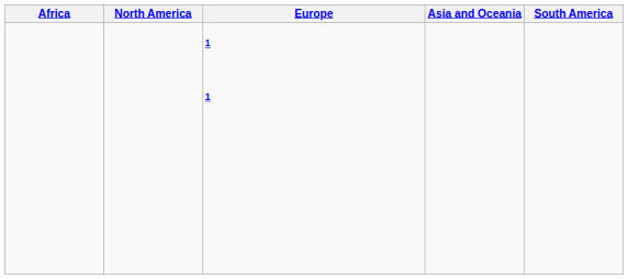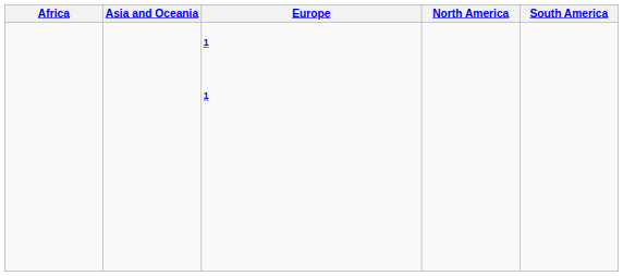 <table class="wikitable">
 <tr>
 <th width=16%><a href='#'>Africa</a></th>
+<th width=16%><a href='#'>Asia and Oceania</a></th>
+<th width=36%><a href='#'>Europe</a></th>
 <th width=16%><a href='#'>North America</a></th>
-<th width=36%><a href='#'>Europe</a></th>
-<th width=16%><a href='#'>Asia and Oceania</a></th>
 <th width=16%><a href='#'>South America</a></th>
 </tr>
 <tr>
 <td><br><br> <br></td>
+<td><br><br> <br> <br> <br> <br> <br> <br> </td>
+<td><br>  <sup><strong><a href='#'>1</a></strong></sup><br> <br> <br> <br> <sup><strong><a href='#'>1</a></strong></sup><br> <br> <br> <br> <br>   <br> <br> <br> <br> <br> <br> <br> <br> <br>  </td>
 <td><br><br> <br> </td>
-<td><br>  <sup><strong><a href='#'>1</a></strong></sup><br> <br> <br> <br> <sup><strong><a href='#'>1</a></strong></sup><br> <br> <br> <br> <br>   <br> <br> <br> <br> <br> <br> <br> <br> <br>  </td>
-<td><br><br> <br> <br> <br> <br> <br> <br> </td>
 <td><br><br> <br> </td>
 </tr>
 </table>
